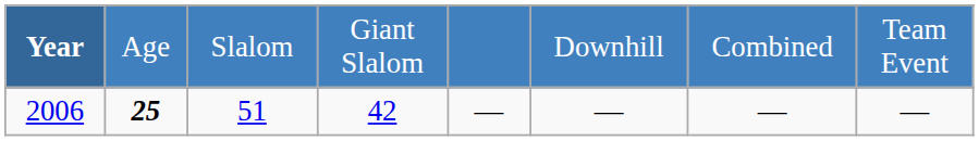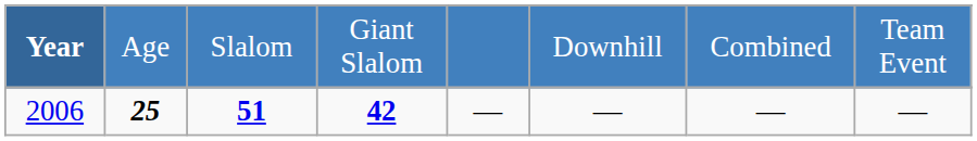 <table class="wikitable" style="font-size:95%; text-align:center; border:grey solid 1px; border-collapse:collapse;" width="40%">
 <tr style="background-color:#369; color:white;">
 <td rowspan="2" colspan="1" width="4%"><strong>Year</strong></td>
 </tr>
 <tr style="background-color:#4180be; color:white;">
 <td width="3%">Age</td>
 <td width="5%">Slalom</td>
 <td width="5%">Giant<br>Slalom</td>
 <td width="5%"></td>
 <td width="5%">Downhill</td>
 <td width="5%">Combined</td>
 <td width="5%">Team Event</td>
 </tr>
 <tr style="background-color:#8CB2D8; color:white;">
 </tr>
 <tr>
 <td><a href='#'>2006</a></td>
 <td><strong><em>25</em></strong></td>
-<td><a href='#'>51</a></td>
-<td><a href='#'>42</a></td>
+<td><strong><a href='#'>51</a></strong></td>
+<td><strong><a href='#'>42</a></strong></td>
 <td>—</td>
 <td>—</td>
 <td>—</td>
 <td>—</td>
 </tr>
 </table>
